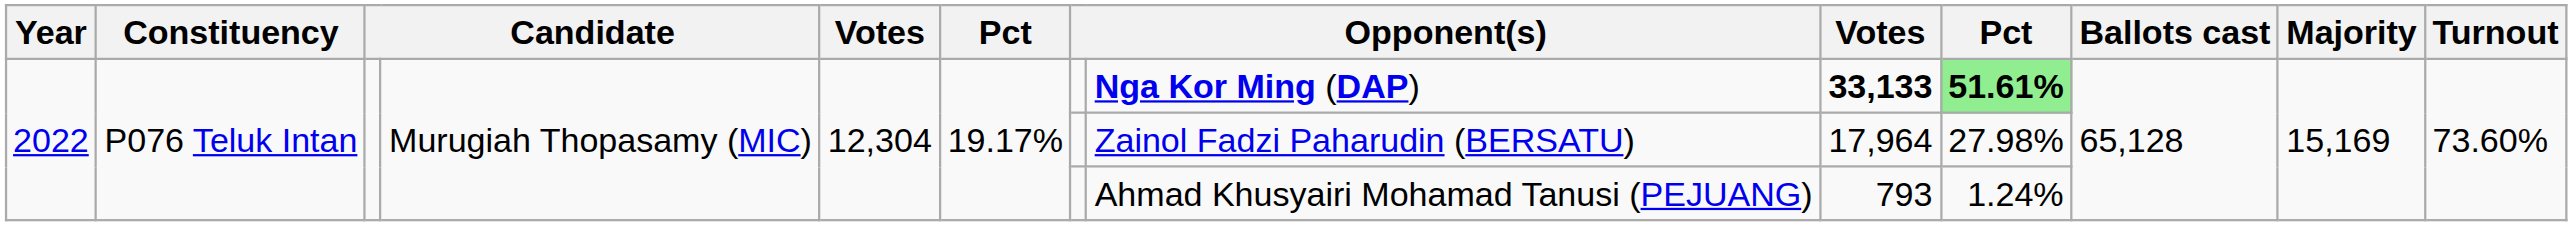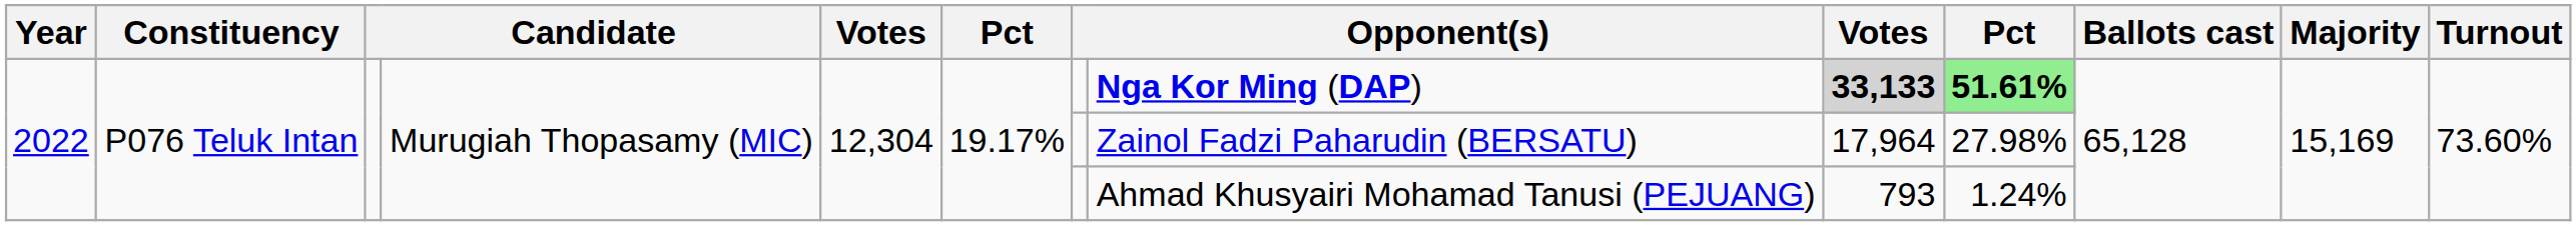 <table class="wikitable" style="margin:0.5em ; font-size:95%">
 <tr>
 <th>Year</th>
 <th>Constituency</th>
 <th colspan=2>Candidate</th>
 <th>Votes</th>
 <th>Pct</th>
 <th colspan=2>Opponent(s)</th>
 <th>Votes</th>
 <th>Pct</th>
 <th>Ballots cast</th>
 <th>Majority</th>
 <th>Turnout</th>
 </tr>
 <tr>
 <td rowspan=3><a href='#'>2022</a></td>
 <td rowspan=3>P076 <a href='#'>Teluk Intan</a></td>
 <td rowspan=3 ></td>
 <td rowspan=3>Murugiah Thopasamy (<a href='#'>MIC</a>)</td>
 <td rowspan=3 align=right>12,304</td>
 <td rowspan=3>19.17%</td>
 <td></td>
 <td><strong><a href='#'>Nga Kor Ming</a></strong> (<a href='#'><strong>DAP</strong></a>)</td>
-<td align=right><strong>33,133</strong></td>
+<td align=right style="background: lightgrey;"><strong>33,133</strong></td>
 <td style="background: lightgreen;"><strong>51.61%</strong></td>
 <td rowspan=3>65,128</td>
 <td rowspan=3>15,169</td>
 <td rowspan=3>73.60%</td>
 </tr>
 <tr>
 <td bgcolor=></td>
 <td><a href='#'>Zainol Fadzi Paharudin</a> (<a href='#'>BERSATU</a>)</td>
 <td align=right>17,964</td>
 <td>27.98%</td>
 </tr>
 <tr>
 <td bgcolor=></td>
 <td>Ahmad Khusyairi Mohamad Tanusi (<a href='#'>PEJUANG</a>)</td>
 <td align=right>793</td>
 <td align=right>1.24%</td>
 </tr>
 </table>
